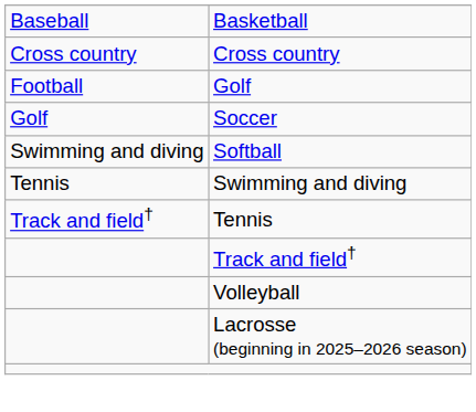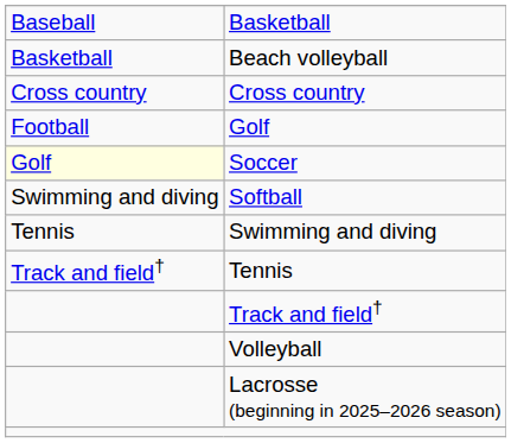 <table class="wikitable" style="float:right; clear:right; margin:0 0 1em 1em;">
 <tr>
 </tr>
 <tr>
 <td><a href='#'>Baseball</a></td>
 <td><a href='#'>Basketball</a></td>
+</tr>
+<tr>
+<td><a href='#'>Basketball</a></td>
+<td>Beach volleyball</td>
 </tr>
 <tr>
 <td><a href='#'>Cross country</a></td>
 <td><a href='#'>Cross country</a></td>
 </tr>
 <tr>
 <td><a href='#'>Football</a></td>
 <td><a href='#'>Golf</a></td>
 </tr>
 <tr>
-<td><a href='#'>Golf</a></td>
+<td style="background: lightyellow;"><a href='#'>Golf</a></td>
 <td><a href='#'>Soccer</a></td>
 </tr>
 <tr>
 <td>Swimming and diving</td>
 <td><a href='#'>Softball</a></td>
 </tr>
 <tr>
 <td>Tennis</td>
 <td>Swimming and diving</td>
 </tr>
 <tr>
 <td><a href='#'>Track and field</a><sup>†</sup></td>
 <td>Tennis</td>
 </tr>
 <tr>
 <td></td>
 <td><a href='#'>Track and field</a><sup>†</sup></td>
 </tr>
 <tr>
 <td></td>
 <td>Volleyball</td>
 </tr>
 <tr>
 <td></td>
 <td>Lacrosse<br><small>(beginning in 2025–2026 season)</small><br></td>
 </tr>
 <tr>
 <td colspan="2"></td>
 </tr>
 </table>
